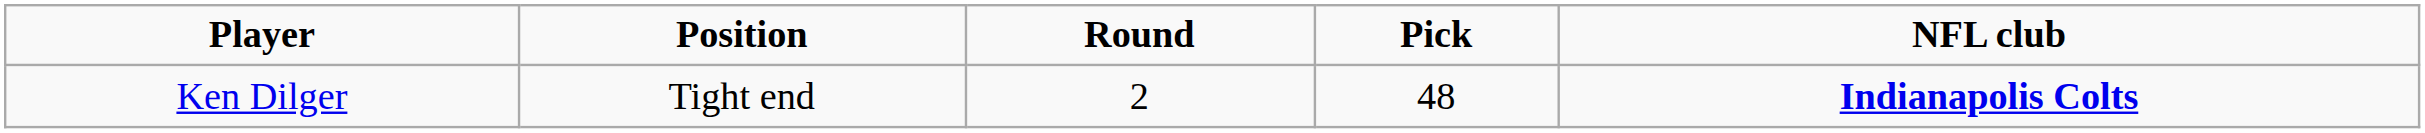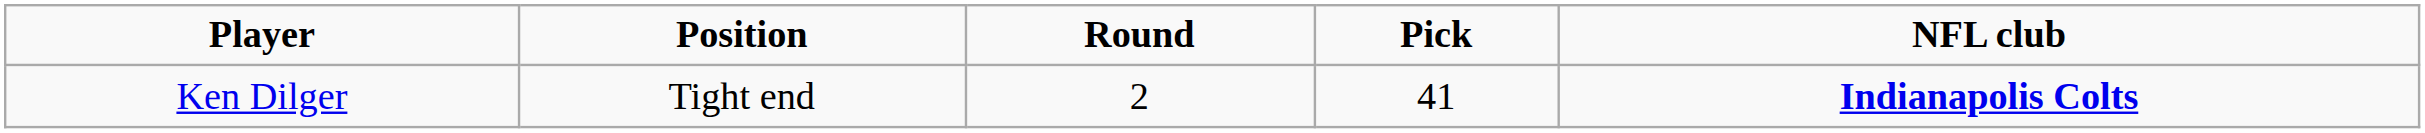 <table class="wikitable" width="80%">
 <tr align="center">
 <td><strong>Player</strong></td>
 <td><strong>Position</strong></td>
 <td><strong>Round</strong></td>
 <td><strong>Pick</strong></td>
 <td><strong>NFL club</strong></td>
 </tr>
 <tr align="center" bgcolor="">
 <td><a href='#'>Ken Dilger</a></td>
 <td>Tight end</td>
 <td>2</td>
-<td>48</td>
+<td>41</td>
 <td><strong><a href='#'>Indianapolis Colts</a></strong></td>
 </tr>
 </table>
